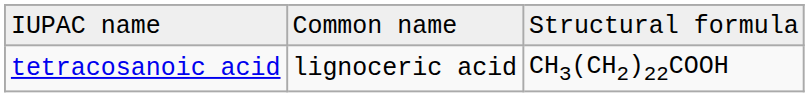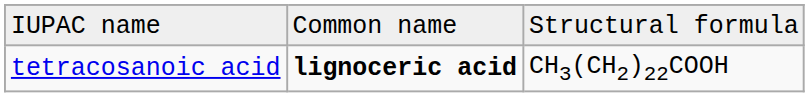 <table class="wikitable">
 <tr bgcolor="#efefef">
 <td>IUPAC name</td>
 <td>Common name</td>
 <td>Structural formula</td>
 </tr>
 <tr>
 <td><a href='#'>tetracosanoic acid</a></td>
-<td>lignoceric acid</td>
+<td><strong>lignoceric acid</strong></td>
 <td>CH<sub>3</sub>(CH<sub>2</sub>)<sub>22</sub>COOH</td>
 </tr>
 </table>
